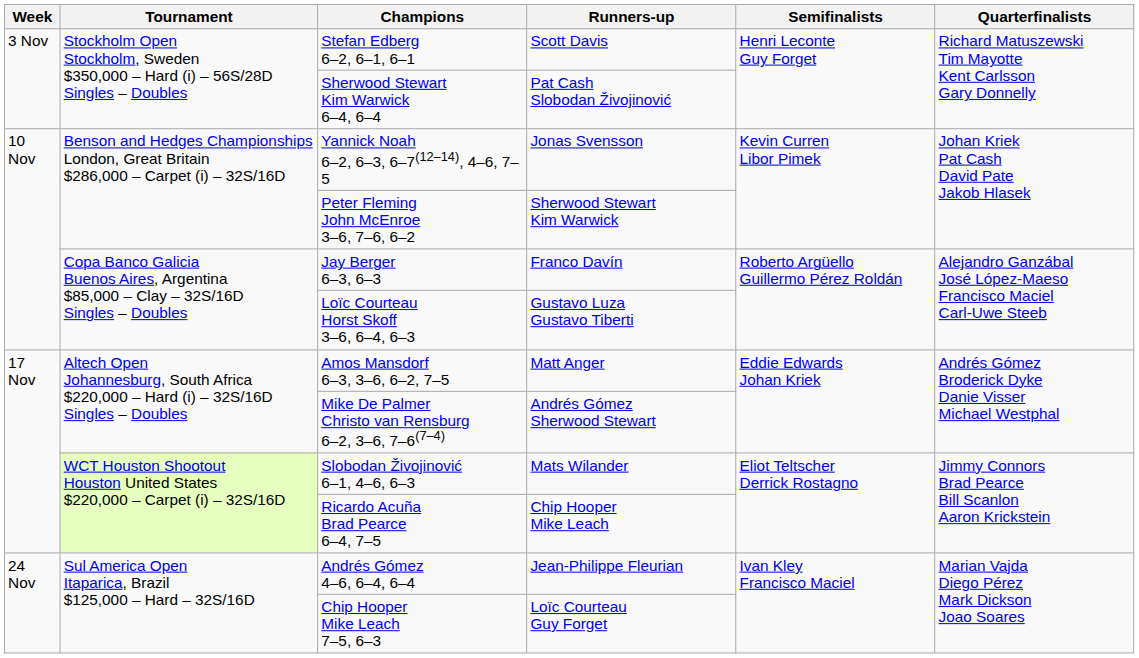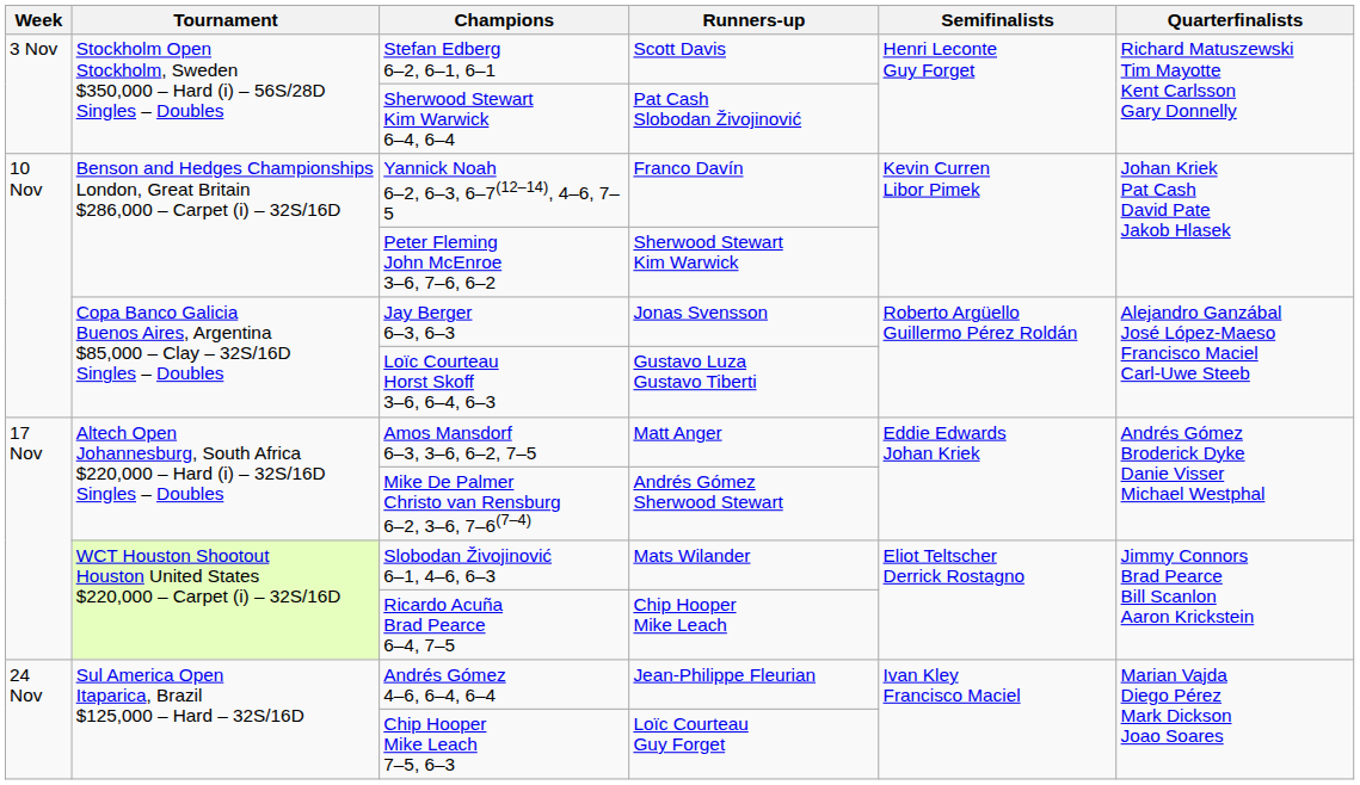 <table class=wikitable style=font-size:95%>
 <tr>
 <th style="width:48px;">Week</th>
 <th style="width:248px;">Tournament</th>
 <th style="width:200px;">Champions</th>
 <th style="width:200px;">Runners-up</th>
 <th style="width:190px;">Semifinalists</th>
 <th style="width:190px;">Quarterfinalists</th>
 </tr>
 <tr valign=top>
 <td rowspan=2>3 Nov</td>
 <td rowspan="2"><a href='#'>Stockholm Open</a><br> <a href='#'>Stockholm</a>, Sweden <br> $350,000 – Hard (i) – 56S/28D <br> <a href='#'>Singles</a> – <a href='#'>Doubles</a></td>
 <td> <a href='#'>Stefan Edberg</a><br>6–2, 6–1, 6–1</td>
 <td> <a href='#'>Scott Davis</a></td>
 <td rowspan=2> <a href='#'>Henri Leconte</a> <br>  <a href='#'>Guy Forget</a></td>
 <td rowspan=2> <a href='#'>Richard Matuszewski</a> <br>  <a href='#'>Tim Mayotte</a> <br>  <a href='#'>Kent Carlsson</a> <br>  <a href='#'>Gary Donnelly</a></td>
 </tr>
 <tr valign=top>
 <td> <a href='#'>Sherwood Stewart</a><br> <a href='#'>Kim Warwick</a> <br> 6–4, 6–4</td>
 <td> <a href='#'>Pat Cash</a> <br>  <a href='#'>Slobodan Živojinović</a></td>
 </tr>
 <tr valign=top>
 <td rowspan=4>10 Nov</td>
 <td rowspan="2"><a href='#'>Benson and Hedges Championships</a><br> London, Great Britain <br> $286,000 – Carpet (i) – 32S/16D</td>
 <td> <a href='#'>Yannick Noah</a><br>6–2, 6–3, 6–7<sup>(12–14)</sup>, 4–6, 7–5</td>
-<td> <a href='#'>Jonas Svensson</a></td>
+<td> <a href='#'>Franco Davín</a></td>
 <td rowspan=2> <a href='#'>Kevin Curren</a> <br>  <a href='#'>Libor Pimek</a></td>
 <td rowspan=2> <a href='#'>Johan Kriek</a> <br>  <a href='#'>Pat Cash</a> <br>  <a href='#'>David Pate</a> <br>  <a href='#'>Jakob Hlasek</a></td>
 </tr>
 <tr valign=top>
 <td> <a href='#'>Peter Fleming</a><br> <a href='#'>John McEnroe</a> <br> 3–6, 7–6, 6–2</td>
 <td> <a href='#'>Sherwood Stewart</a><br> <a href='#'>Kim Warwick</a></td>
 </tr>
 <tr valign=top>
 <td rowspan="2"><a href='#'>Copa Banco Galicia</a><br> <a href='#'>Buenos Aires</a>, Argentina <br> $85,000 – Clay – 32S/16D <br> <a href='#'>Singles</a> – <a href='#'>Doubles</a></td>
 <td> <a href='#'>Jay Berger</a> <br> 6–3, 6–3</td>
-<td> <a href='#'>Franco Davín</a></td>
+<td> <a href='#'>Jonas Svensson</a></td>
 <td rowspan=2> <a href='#'>Roberto Argüello</a> <br>  <a href='#'>Guillermo Pérez Roldán</a></td>
 <td rowspan=2> <a href='#'>Alejandro Ganzábal</a> <br>  <a href='#'>José López-Maeso</a> <br>  <a href='#'>Francisco Maciel</a> <br>  <a href='#'>Carl-Uwe Steeb</a></td>
 </tr>
 <tr valign=top>
 <td> <a href='#'>Loïc Courteau</a> <br>  <a href='#'>Horst Skoff</a> <br> 3–6, 6–4, 6–3</td>
 <td> <a href='#'>Gustavo Luza</a> <br>  <a href='#'>Gustavo Tiberti</a></td>
 </tr>
 <tr valign=top>
 <td rowspan=4>17 Nov</td>
 <td rowspan="2"><a href='#'>Altech Open</a><br> <a href='#'>Johannesburg</a>, South Africa <br> $220,000 – Hard (i) – 32S/16D <br> <a href='#'>Singles</a> – <a href='#'>Doubles</a></td>
 <td> <a href='#'>Amos Mansdorf</a> <br> 6–3, 3–6, 6–2, 7–5</td>
 <td> <a href='#'>Matt Anger</a></td>
 <td rowspan=2> <a href='#'>Eddie Edwards</a> <br>  <a href='#'>Johan Kriek</a></td>
 <td rowspan=2> <a href='#'>Andrés Gómez</a> <br>  <a href='#'>Broderick Dyke</a> <br>  <a href='#'>Danie Visser</a> <br>  <a href='#'>Michael Westphal</a></td>
 </tr>
 <tr valign=top>
 <td> <a href='#'>Mike De Palmer</a> <br>  <a href='#'>Christo van Rensburg</a> <br> 6–2, 3–6, 7–6<sup>(7–4)</sup></td>
 <td> <a href='#'>Andrés Gómez</a> <br>  <a href='#'>Sherwood Stewart</a></td>
 </tr>
 <tr valign=top>
 <td style="background:#E6FFBF;" rowspan="2"><a href='#'>WCT Houston Shootout</a><br> <a href='#'>Houston</a> United States <br> $220,000 – Carpet (i) – 32S/16D</td>
 <td> <a href='#'>Slobodan Živojinović</a> <br> 6–1, 4–6, 6–3</td>
 <td> <a href='#'>Mats Wilander</a></td>
 <td rowspan=2> <a href='#'>Eliot Teltscher</a> <br>  <a href='#'>Derrick Rostagno</a></td>
 <td rowspan=2> <a href='#'>Jimmy Connors</a> <br>  <a href='#'>Brad Pearce</a> <br>  <a href='#'>Bill Scanlon</a> <br>  <a href='#'>Aaron Krickstein</a></td>
 </tr>
 <tr valign=top>
 <td> <a href='#'>Ricardo Acuña</a> <br>  <a href='#'>Brad Pearce</a> <br> 6–4, 7–5</td>
 <td> <a href='#'>Chip Hooper</a> <br>  <a href='#'>Mike Leach</a></td>
 </tr>
 <tr valign=top>
 <td rowspan=2>24 Nov</td>
 <td rowspan="2"><a href='#'>Sul America Open</a><br> <a href='#'>Itaparica</a>, Brazil <br> $125,000 – Hard – 32S/16D</td>
 <td> <a href='#'>Andrés Gómez</a> <br> 4–6, 6–4, 6–4</td>
 <td> <a href='#'>Jean-Philippe Fleurian</a></td>
 <td rowspan=2> <a href='#'>Ivan Kley</a> <br>  <a href='#'>Francisco Maciel</a></td>
 <td rowspan=2> <a href='#'>Marian Vajda</a> <br>  <a href='#'>Diego Pérez</a> <br>  <a href='#'>Mark Dickson</a> <br>  <a href='#'>Joao Soares</a></td>
 </tr>
 <tr valign=top>
 <td> <a href='#'>Chip Hooper</a> <br>  <a href='#'>Mike Leach</a> <br> 7–5, 6–3</td>
 <td> <a href='#'>Loïc Courteau</a> <br>  <a href='#'>Guy Forget</a></td>
 </tr>
 </table>
